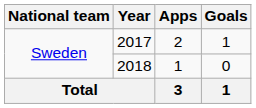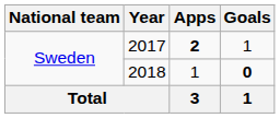 <table class="wikitable" style="text-align:center">
 <tr>
 <th>National team</th>
 <th>Year</th>
 <th>Apps</th>
 <th>Goals</th>
 </tr>
 <tr>
 <td rowspan="2"><a href='#'>Sweden</a></td>
 <td>2017</td>
-<td>2</td>
+<td><strong>2</strong></td>
 <td>1</td>
 </tr>
 <tr>
 <td>2018</td>
 <td>1</td>
-<td>0</td>
+<td><strong>0</strong></td>
 </tr>
 <tr>
 <th colspan="2">Total</th>
 <th>3</th>
 <th>1</th>
 </tr>
 </table>
